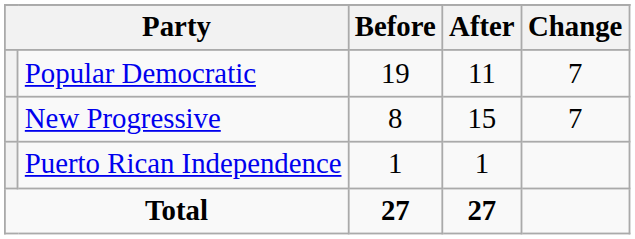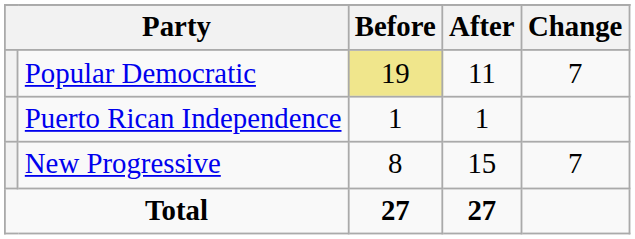 <table class="wikitable" style="text-align:center;">
 <tr>
 </tr>
 <tr>
 <th colspan=2>Party</th>
 <th>Before</th>
 <th>After</th>
 <th>Change</th>
 </tr>
 <tr>
 <th style="background-color:"></th>
 <td style="text-align:left;"><a href='#'>Popular Democratic</a></td>
-<td>19</td>
+<td style="background: khaki;">19</td>
 <td>11</td>
-<td> 7</td>
-</tr>
-<tr>
-<th style="background-color:"></th>
-<td style="text-align:left;"><a href='#'>New Progressive</a></td>
-<td>8</td>
-<td>15</td>
 <td> 7</td>
 </tr>
 <tr>
 <th style="background-color:"></th>
 <td style="text-align:left;"><a href='#'>Puerto Rican Independence</a></td>
 <td>1</td>
 <td>1</td>
 <td></td>
 </tr>
 <tr>
+<th style="background-color:"></th>
+<td style="text-align:left;"><a href='#'>New Progressive</a></td>
+<td>8</td>
+<td>15</td>
+<td> 7</td>
+</tr>
+<tr>
 <td colspan=2><strong>Total</strong></td>
 <td><strong>27</strong></td>
 <td><strong>27</strong></td>
 <td></td>
 </tr>
 </table>
